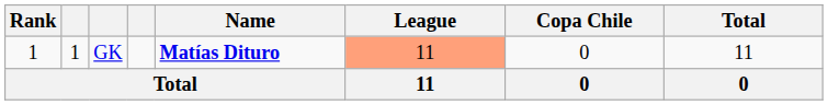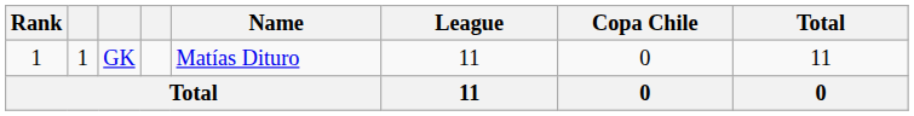 <table class="wikitable sortable" style="text-align:center;">
 <tr>
 <th width="15">Rank</th>
 <th width="15"></th>
 <th width="15"></th>
 <th width="15"></th>
 <th width="145">Name</th>
 <th width="120">League</th>
 <th width="120">Copa Chile</th>
 <th width="120">Total</th>
 </tr>
 <tr>
 <td>1</td>
 <td>1</td>
 <td><a href='#'>GK</a></td>
 <td></td>
-<td align="left"><strong><a href='#'>Matías Dituro</a></strong></td>
-<td style="background: lightsalmon;">11</td>
+<td align="left"><a href='#'>Matías Dituro</a></td>
+<td>11</td>
 <td>0</td>
 <td>11</td>
 </tr>
 <tr>
 <th colspan="5">Total</th>
 <th>11</th>
 <th>0</th>
 <th>0</th>
 </tr>
 </table>
